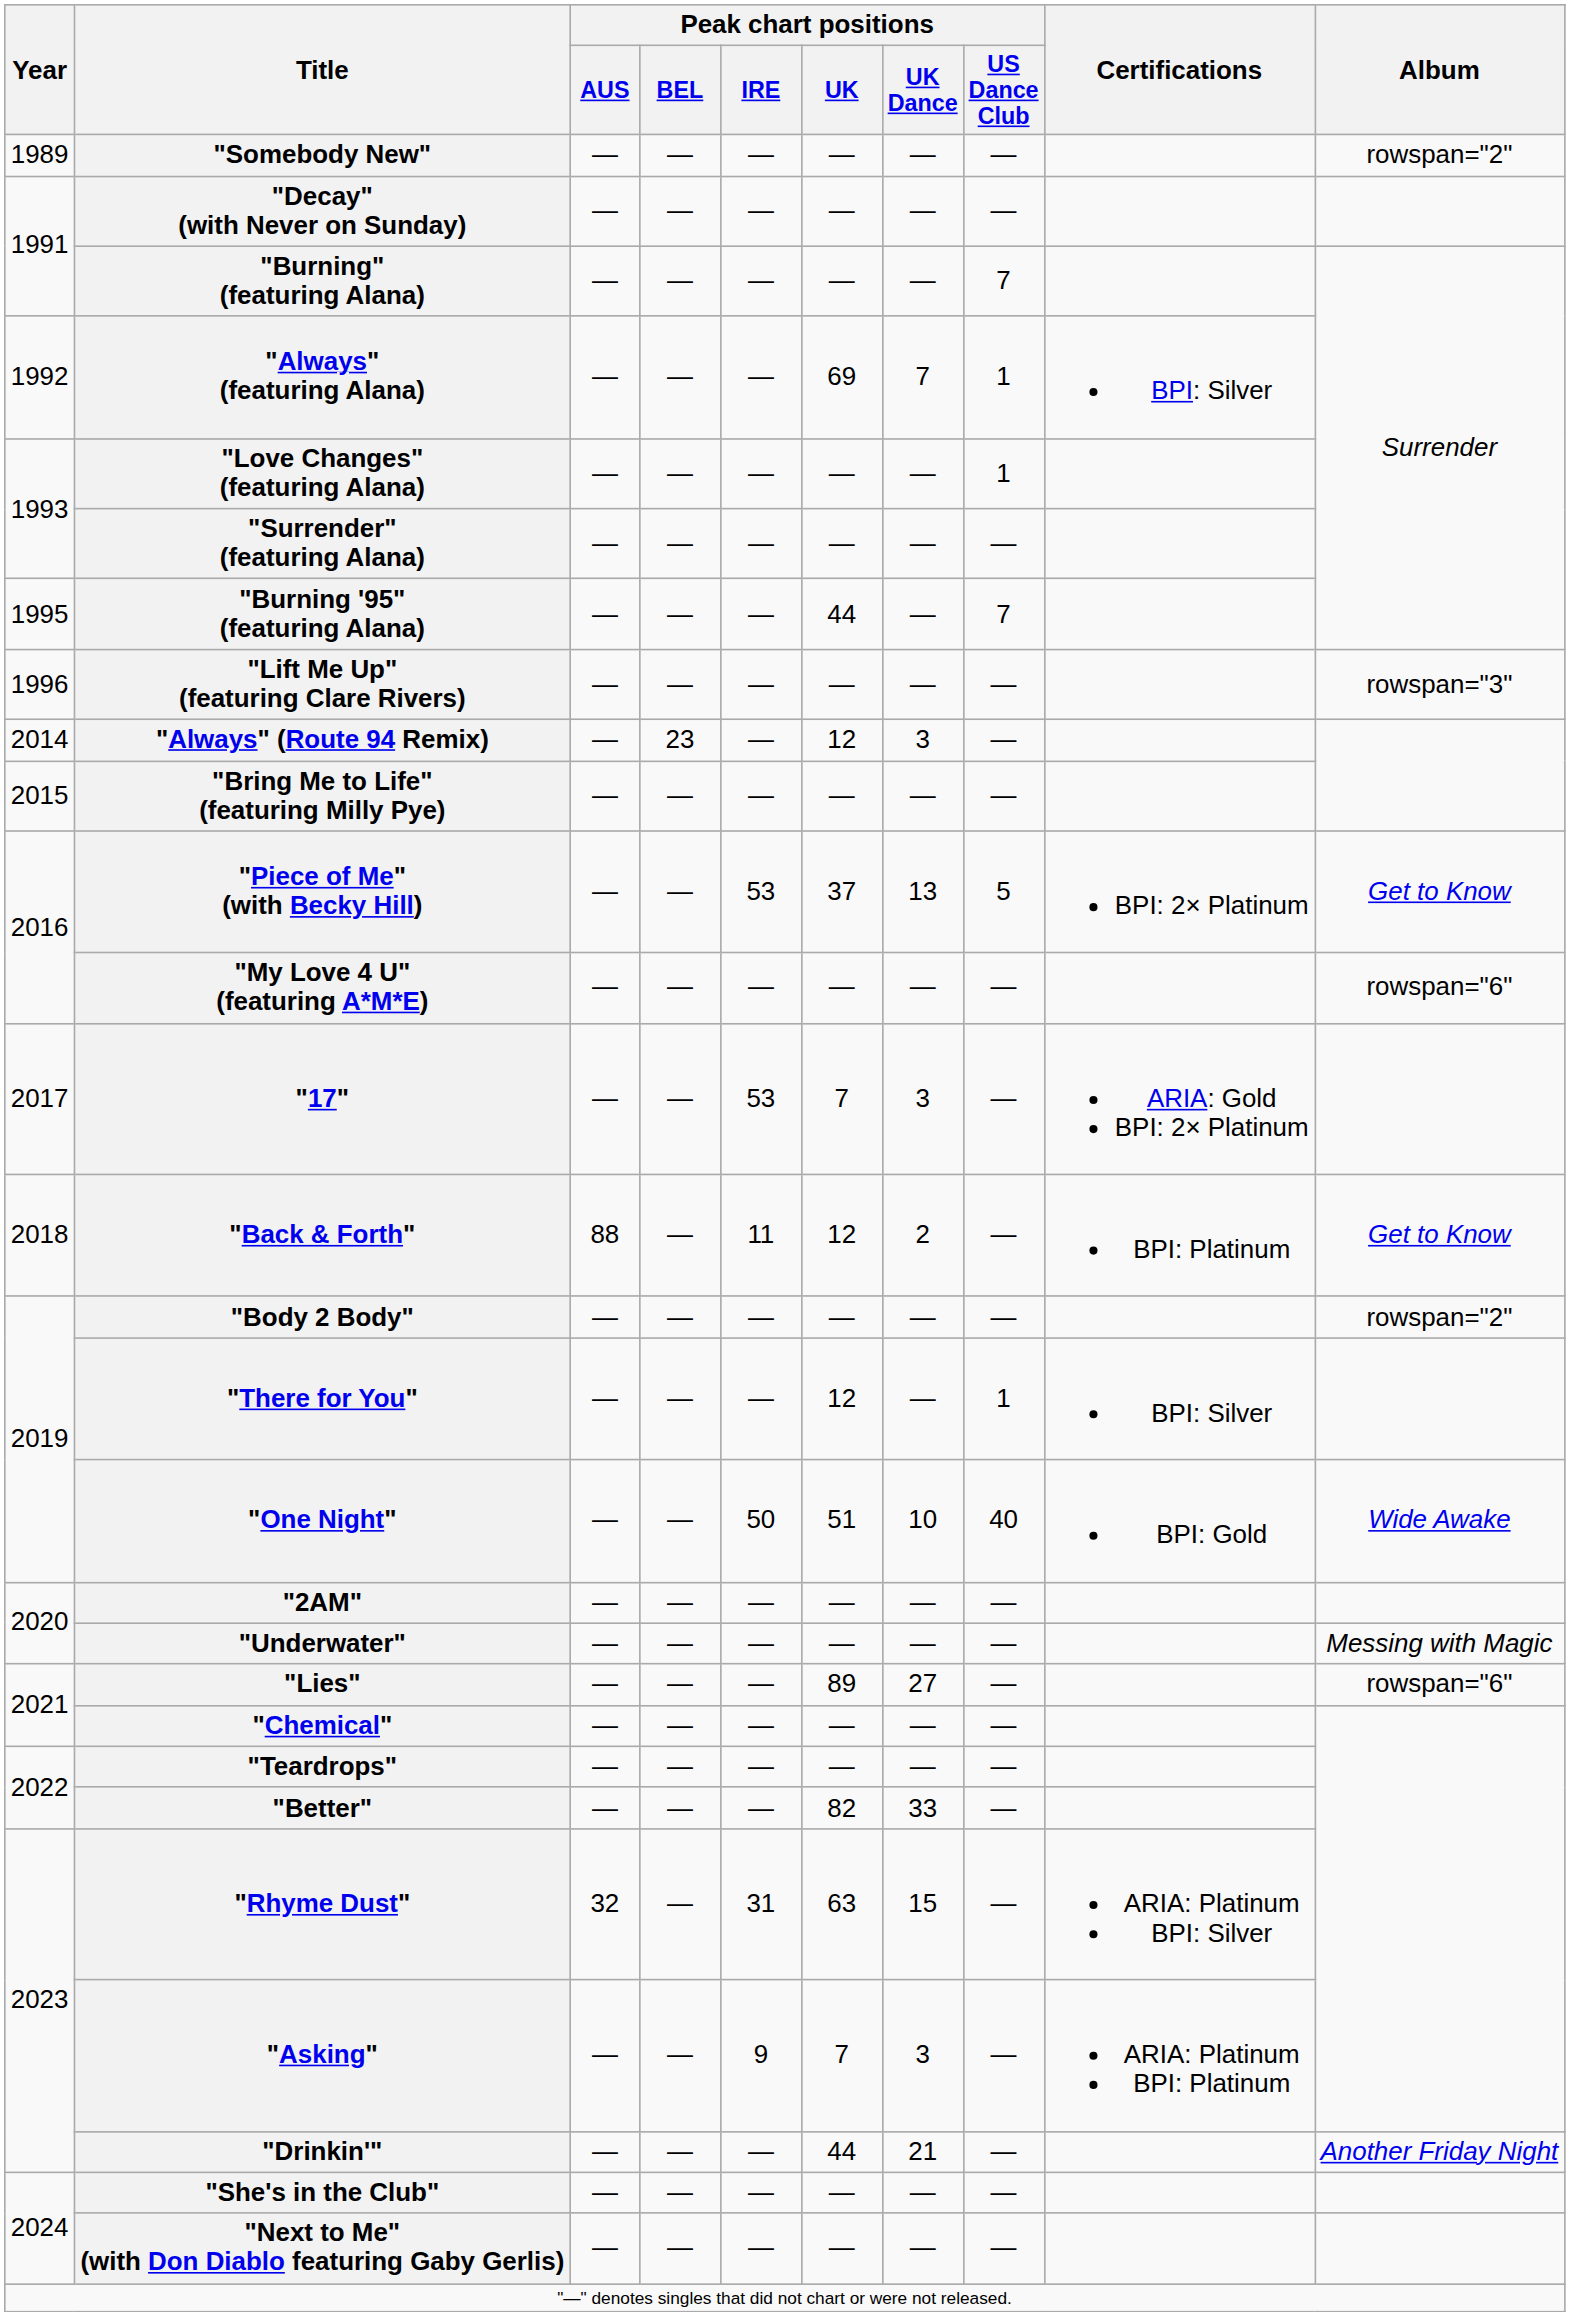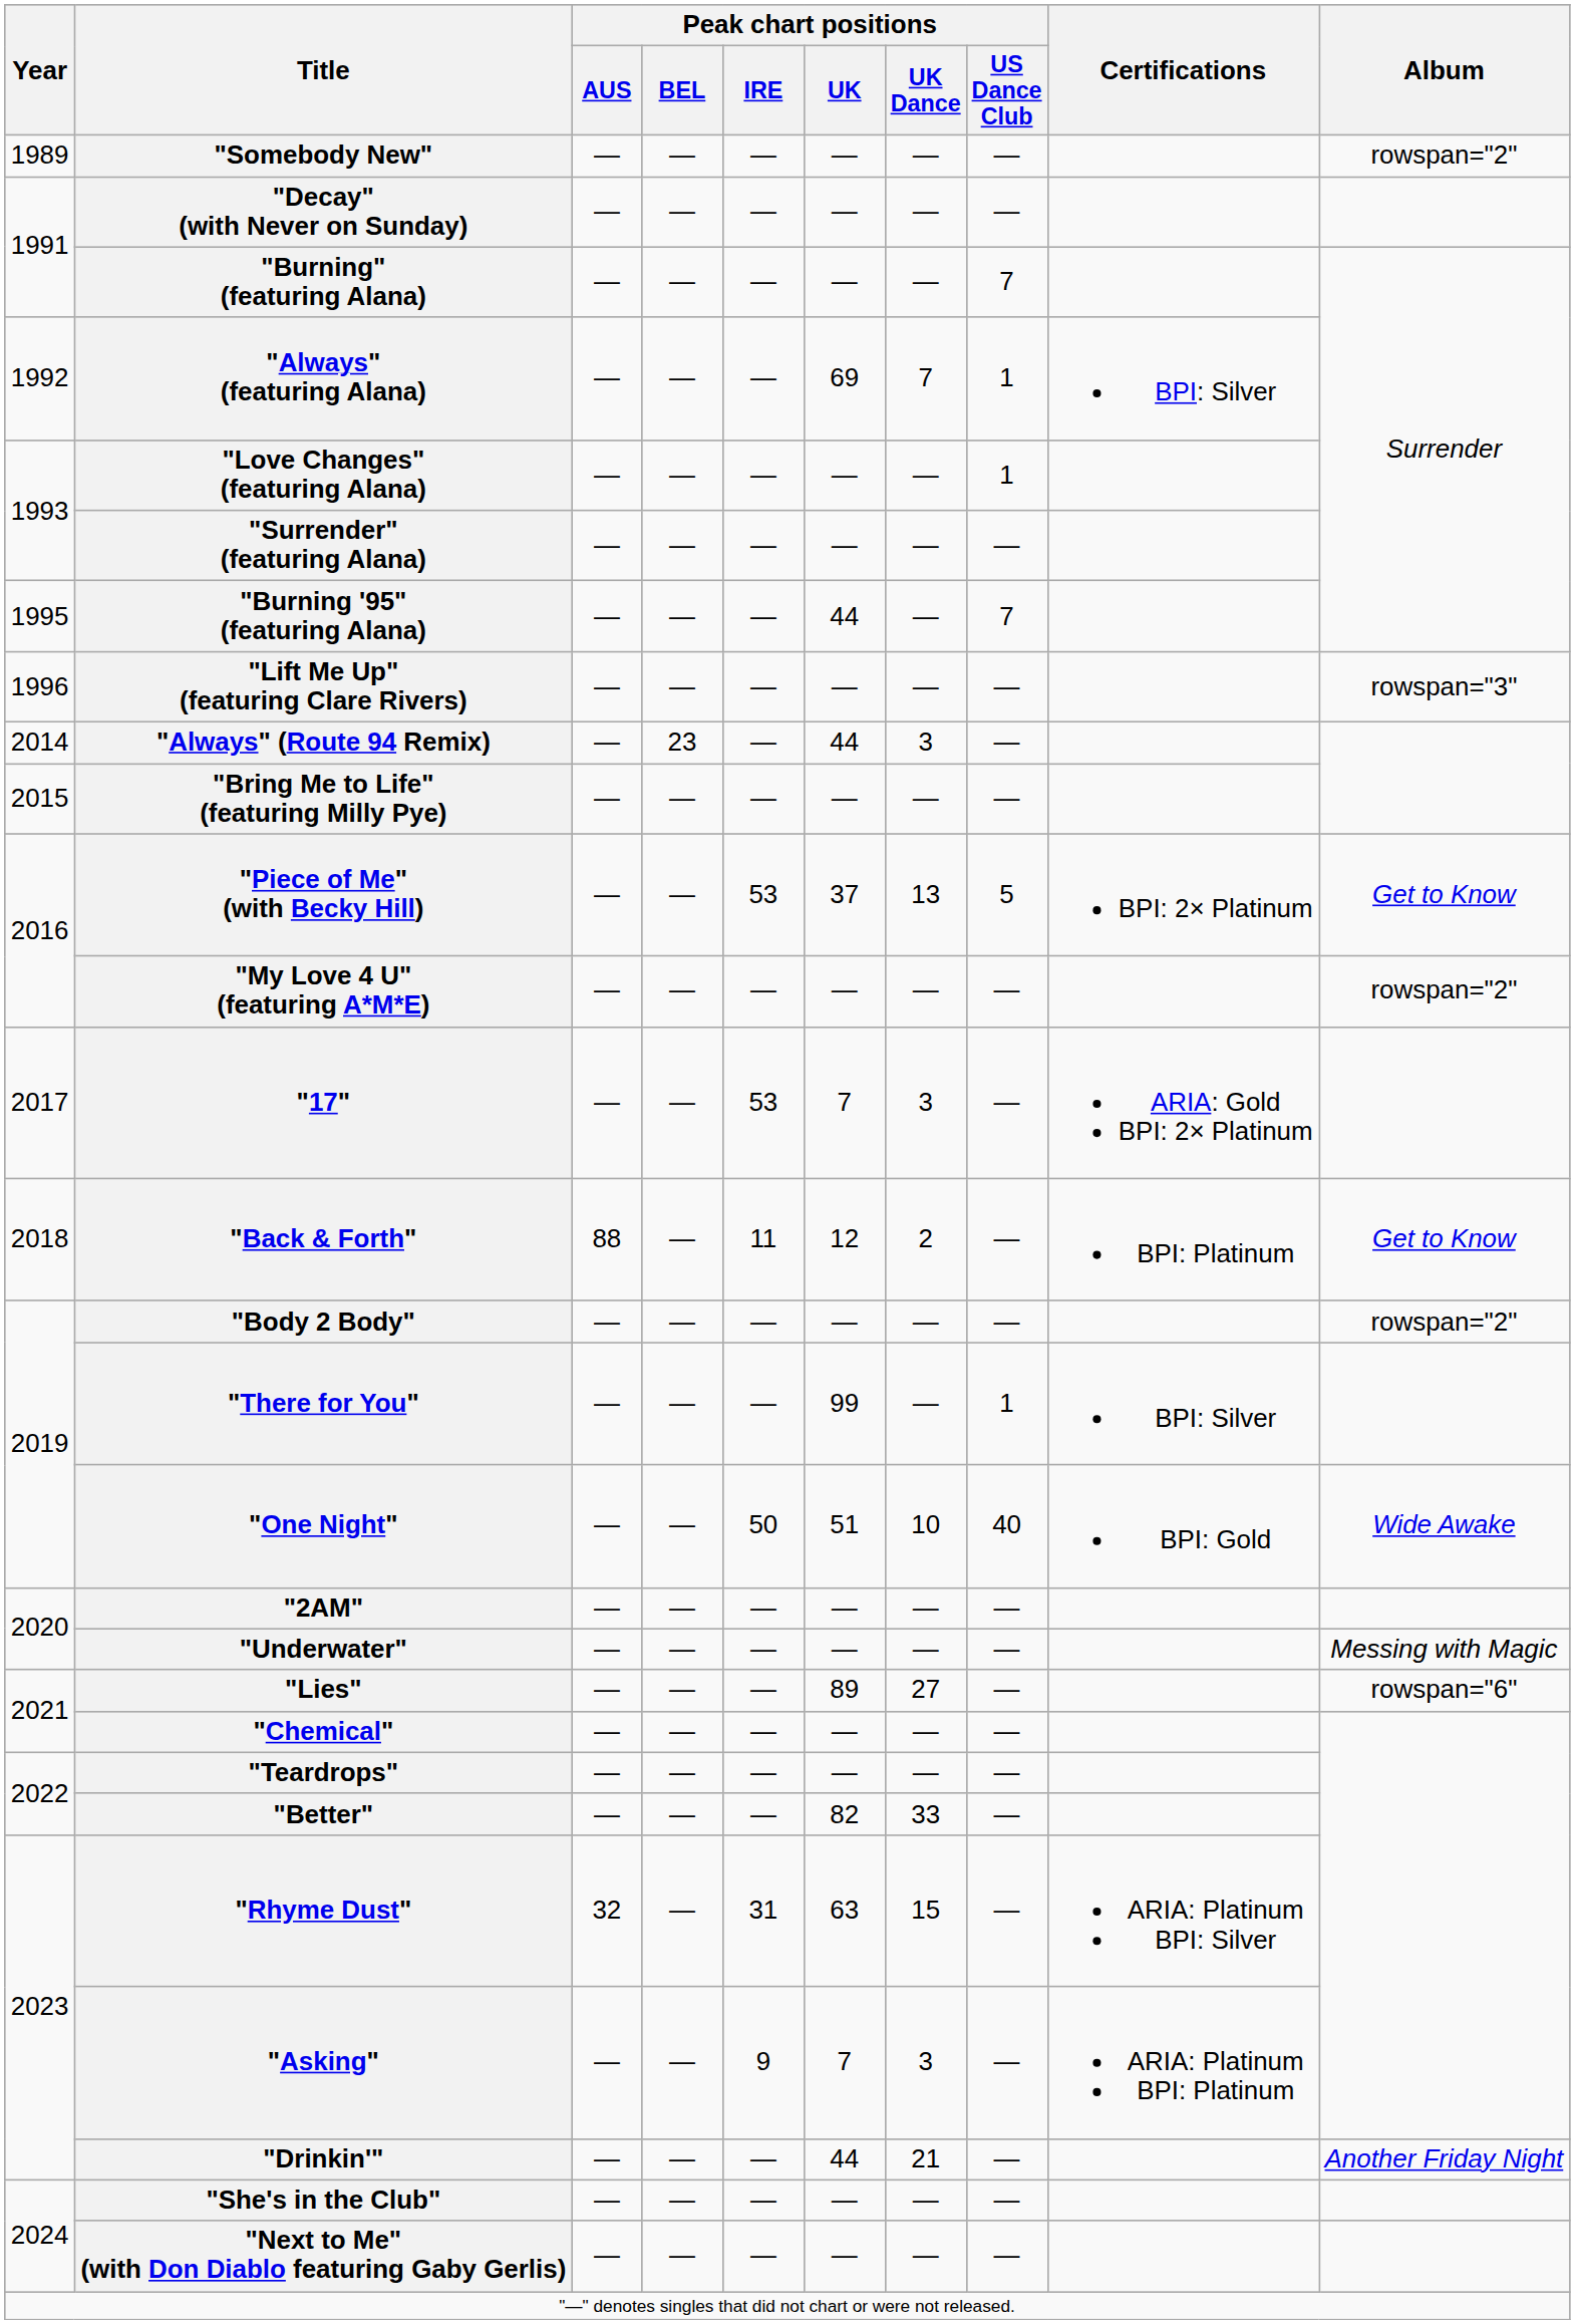 <table class="wikitable plainrowheaders" style="text-align:center;">
 <tr>
 <th scope="col" rowspan="2">Year</th>
 <th scope="col" rowspan="2">Title</th>
 <th colspan="6">Peak chart positions</th>
 <th scope="col" rowspan="2">Certifications</th>
 <th scope="col" rowspan="2">Album</th>
 </tr>
 <tr>
 <th scope="col" style="width:2.5em;font-size:90%;"><a href='#'>AUS</a><br></th>
 <th scope="col" style="width:3em;font-size:90%;"><a href='#'>BEL</a><br></th>
 <th scope="col" style="width:3em;font-size:90%;"><a href='#'>IRE</a><br></th>
 <th scope="col" style="width:3em;font-size:90%;"><a href='#'>UK</a><br></th>
 <th scope="col" style="width:3em;font-size:90%;"><a href='#'>UK<br>Dance</a><br></th>
 <th scope="col" style="width:3em;font-size:90%;"><a href='#'>US<br>Dance Club</a><br></th>
 </tr>
 <tr>
 <td>1989</td>
 <th scope="row">"Somebody New"</th>
 <td>—</td>
 <td>—</td>
 <td>—</td>
 <td>—</td>
 <td>—</td>
 <td>—</td>
 <td></td>
 <td>rowspan="2" </td>
 </tr>
 <tr>
 <td rowspan=2>1991</td>
 <th scope="row">"Decay" <br><span>(with Never on Sunday)</span></th>
 <td>—</td>
 <td>—</td>
 <td>—</td>
 <td>—</td>
 <td>—</td>
 <td>—</td>
 <td></td>
 </tr>
 <tr>
 <th scope="row">"Burning" <br><span>(featuring Alana)</span></th>
 <td>—</td>
 <td>—</td>
 <td>—</td>
 <td>—</td>
 <td>—</td>
 <td>7</td>
 <td></td>
 <td rowspan="5"><em>Surrender</em></td>
 </tr>
 <tr>
 <td>1992</td>
 <th scope="row">"<a href='#'>Always</a>" <br><span>(featuring Alana)</span></th>
 <td>—</td>
 <td>—</td>
 <td>—</td>
 <td>69</td>
 <td>7</td>
 <td>1</td>
 <td><br><ul><li><a href='#'>BPI</a>: Silver</li></ul></td>
 </tr>
 <tr>
 <td rowspan=2>1993</td>
 <th scope="row">"Love Changes" <br><span>(featuring Alana)</span></th>
 <td>—</td>
 <td>—</td>
 <td>—</td>
 <td>—</td>
 <td>—</td>
 <td>1</td>
 <td></td>
 </tr>
 <tr>
 <th scope="row">"Surrender" <br><span>(featuring Alana)</span></th>
 <td>—</td>
 <td>—</td>
 <td>—</td>
 <td>—</td>
 <td>—</td>
 <td>—</td>
 <td></td>
 </tr>
 <tr>
 <td>1995</td>
 <th scope="row">"Burning '95" <br><span>(featuring Alana)</span></th>
 <td>—</td>
 <td>—</td>
 <td>—</td>
 <td>44</td>
 <td>—</td>
 <td>7</td>
 <td></td>
 </tr>
 <tr>
 <td>1996</td>
 <th scope="row">"Lift Me Up" <br><span>(featuring Clare Rivers)</span></th>
 <td>—</td>
 <td>—</td>
 <td>—</td>
 <td>—</td>
 <td>—</td>
 <td>—</td>
 <td></td>
 <td>rowspan="3" </td>
 </tr>
 <tr>
 <td>2014</td>
 <th scope="row">"<a href='#'>Always</a>" (<a href='#'>Route 94</a> Remix)</th>
 <td>—</td>
 <td>23</td>
 <td>—</td>
-<td>12</td>
+<td>44</td>
 <td>3</td>
 <td>—</td>
 <td></td>
 </tr>
 <tr>
 <td>2015</td>
 <th scope="row">"Bring Me to Life" <br><span>(featuring Milly Pye)</span></th>
 <td>—</td>
 <td>—</td>
 <td>—</td>
 <td>—</td>
 <td>—</td>
 <td>—</td>
 <td></td>
 </tr>
 <tr>
 <td rowspan="2">2016</td>
 <th scope="row">"<a href='#'>Piece of Me</a>" <br><span>(with <a href='#'>Becky Hill</a>)</span></th>
 <td>—</td>
 <td>—</td>
 <td>53</td>
 <td>37</td>
 <td>13</td>
 <td>5</td>
 <td><br><ul><li>BPI: 2× Platinum</li></ul></td>
 <td><em><a href='#'>Get to Know</a></em></td>
 </tr>
 <tr>
 <th scope="row">"My Love 4 U" <br><span>(featuring <a href='#'>A*M*E</a>)</span></th>
 <td>—</td>
 <td>—</td>
 <td>—</td>
 <td>—</td>
 <td>—</td>
 <td>—</td>
 <td></td>
-<td>rowspan="6" </td>
+<td>rowspan="2" </td>
 </tr>
 <tr>
 <td>2017</td>
 <th scope="row">"<a href='#'>17</a>"</th>
 <td>—</td>
 <td>—</td>
 <td>53</td>
 <td>7</td>
 <td>3</td>
 <td>—</td>
 <td><br><ul><li><a href='#'>ARIA</a>: Gold</li><li>BPI: 2× Platinum</li></ul></td>
 </tr>
 <tr>
 <td>2018</td>
 <th scope="row">"<a href='#'>Back & Forth</a>" <br></th>
 <td>88</td>
 <td>—</td>
 <td>11</td>
 <td>12</td>
 <td>2</td>
 <td>—</td>
 <td><br><ul><li>BPI: Platinum</li></ul></td>
 <td><em><a href='#'>Get to Know</a></em></td>
 </tr>
 <tr>
 <td rowspan="3">2019</td>
 <th scope="row">"Body 2 Body"</th>
 <td>—</td>
 <td>—</td>
 <td>—</td>
 <td>—</td>
 <td>—</td>
 <td>—</td>
 <td></td>
 <td>rowspan="2" </td>
 </tr>
 <tr>
 <th scope="row">"<a href='#'>There for You</a>"<br></th>
 <td>—</td>
 <td>—</td>
 <td>—</td>
-<td>12</td>
+<td>99</td>
 <td>—</td>
 <td>1</td>
 <td><br><ul><li>BPI: Silver</li></ul></td>
 </tr>
 <tr>
 <th scope="row">"<a href='#'>One Night</a>" <br></th>
 <td>—</td>
 <td>—</td>
 <td>50</td>
 <td>51</td>
 <td>10</td>
 <td>40</td>
 <td><br><ul><li>BPI: Gold</li></ul></td>
 <td><em><a href='#'>Wide Awake</a></em></td>
 </tr>
 <tr>
 <td rowspan="2">2020</td>
 <th scope="row">"2AM" <br></th>
 <td>—</td>
 <td>—</td>
 <td>—</td>
 <td>—</td>
 <td>—</td>
 <td>—</td>
 <td></td>
 <td></td>
 </tr>
 <tr>
 <th scope="row">"Underwater"<br></th>
 <td>—</td>
 <td>—</td>
 <td>—</td>
 <td>—</td>
 <td>—</td>
 <td>—</td>
 <td></td>
 <td><em>Messing with Magic</em></td>
 </tr>
 <tr>
 <td rowspan="2">2021</td>
 <th scope="row">"Lies" <br></th>
 <td>—</td>
 <td>—</td>
 <td>—</td>
 <td>89</td>
 <td>27</td>
 <td>—</td>
 <td></td>
 <td>rowspan="6" </td>
 </tr>
 <tr>
 <th scope="row">"<a href='#'>Chemical</a>"</th>
 <td>—</td>
 <td>—</td>
 <td>—</td>
 <td>—</td>
 <td>—</td>
 <td>—</td>
 <td></td>
 </tr>
 <tr>
 <td rowspan="2">2022</td>
 <th scope="row">"Teardrops"<br></th>
 <td>—</td>
 <td>—</td>
 <td>—</td>
 <td>—</td>
 <td>—</td>
 <td>—</td>
 <td></td>
 </tr>
 <tr>
 <th scope="row">"Better"<br></th>
 <td>—</td>
 <td>—</td>
 <td>—</td>
 <td>82</td>
 <td>33</td>
 <td>—</td>
 <td></td>
 </tr>
 <tr>
 <td rowspan=3>2023</td>
 <th scope="row">"<a href='#'>Rhyme Dust</a>"<br></th>
 <td>32</td>
 <td>—</td>
 <td>31</td>
 <td>63</td>
 <td>15</td>
 <td>—</td>
 <td><br><ul><li>ARIA: Platinum</li><li>BPI: Silver</li></ul></td>
 </tr>
 <tr>
 <th scope="row">"<a href='#'>Asking</a>"<br></th>
 <td>—</td>
 <td>—</td>
 <td>9<br></td>
 <td>7</td>
 <td>3</td>
 <td>—</td>
 <td><br><ul><li>ARIA: Platinum</li><li>BPI: Platinum</li></ul></td>
 </tr>
 <tr>
 <th scope="row">"Drinkin'"<br></th>
 <td>—</td>
 <td>—</td>
 <td>—</td>
 <td>44</td>
 <td>21</td>
 <td>—</td>
 <td></td>
 <td><em><a href='#'>Another Friday Night</a></em></td>
 </tr>
 <tr>
 <td rowspan="2">2024</td>
 <th scope="row">"She's in the Club"<br></th>
 <td>—</td>
 <td>—</td>
 <td>—</td>
 <td>—</td>
 <td>—</td>
 <td>—</td>
 <td></td>
 <td></td>
 </tr>
 <tr>
 <th scope="row">"Next to Me"<br><span>(with <a href='#'>Don Diablo</a> featuring Gaby Gerlis)</span></th>
 <td>—</td>
 <td>—</td>
 <td>—</td>
 <td>—</td>
 <td>—</td>
 <td>—</td>
 <td></td>
 <td></td>
 </tr>
 <tr>
 <td colspan="14" style="text-align:center; font-size:8pt;">"—" denotes singles that did not chart or were not released.</td>
 </tr>
 </table>
